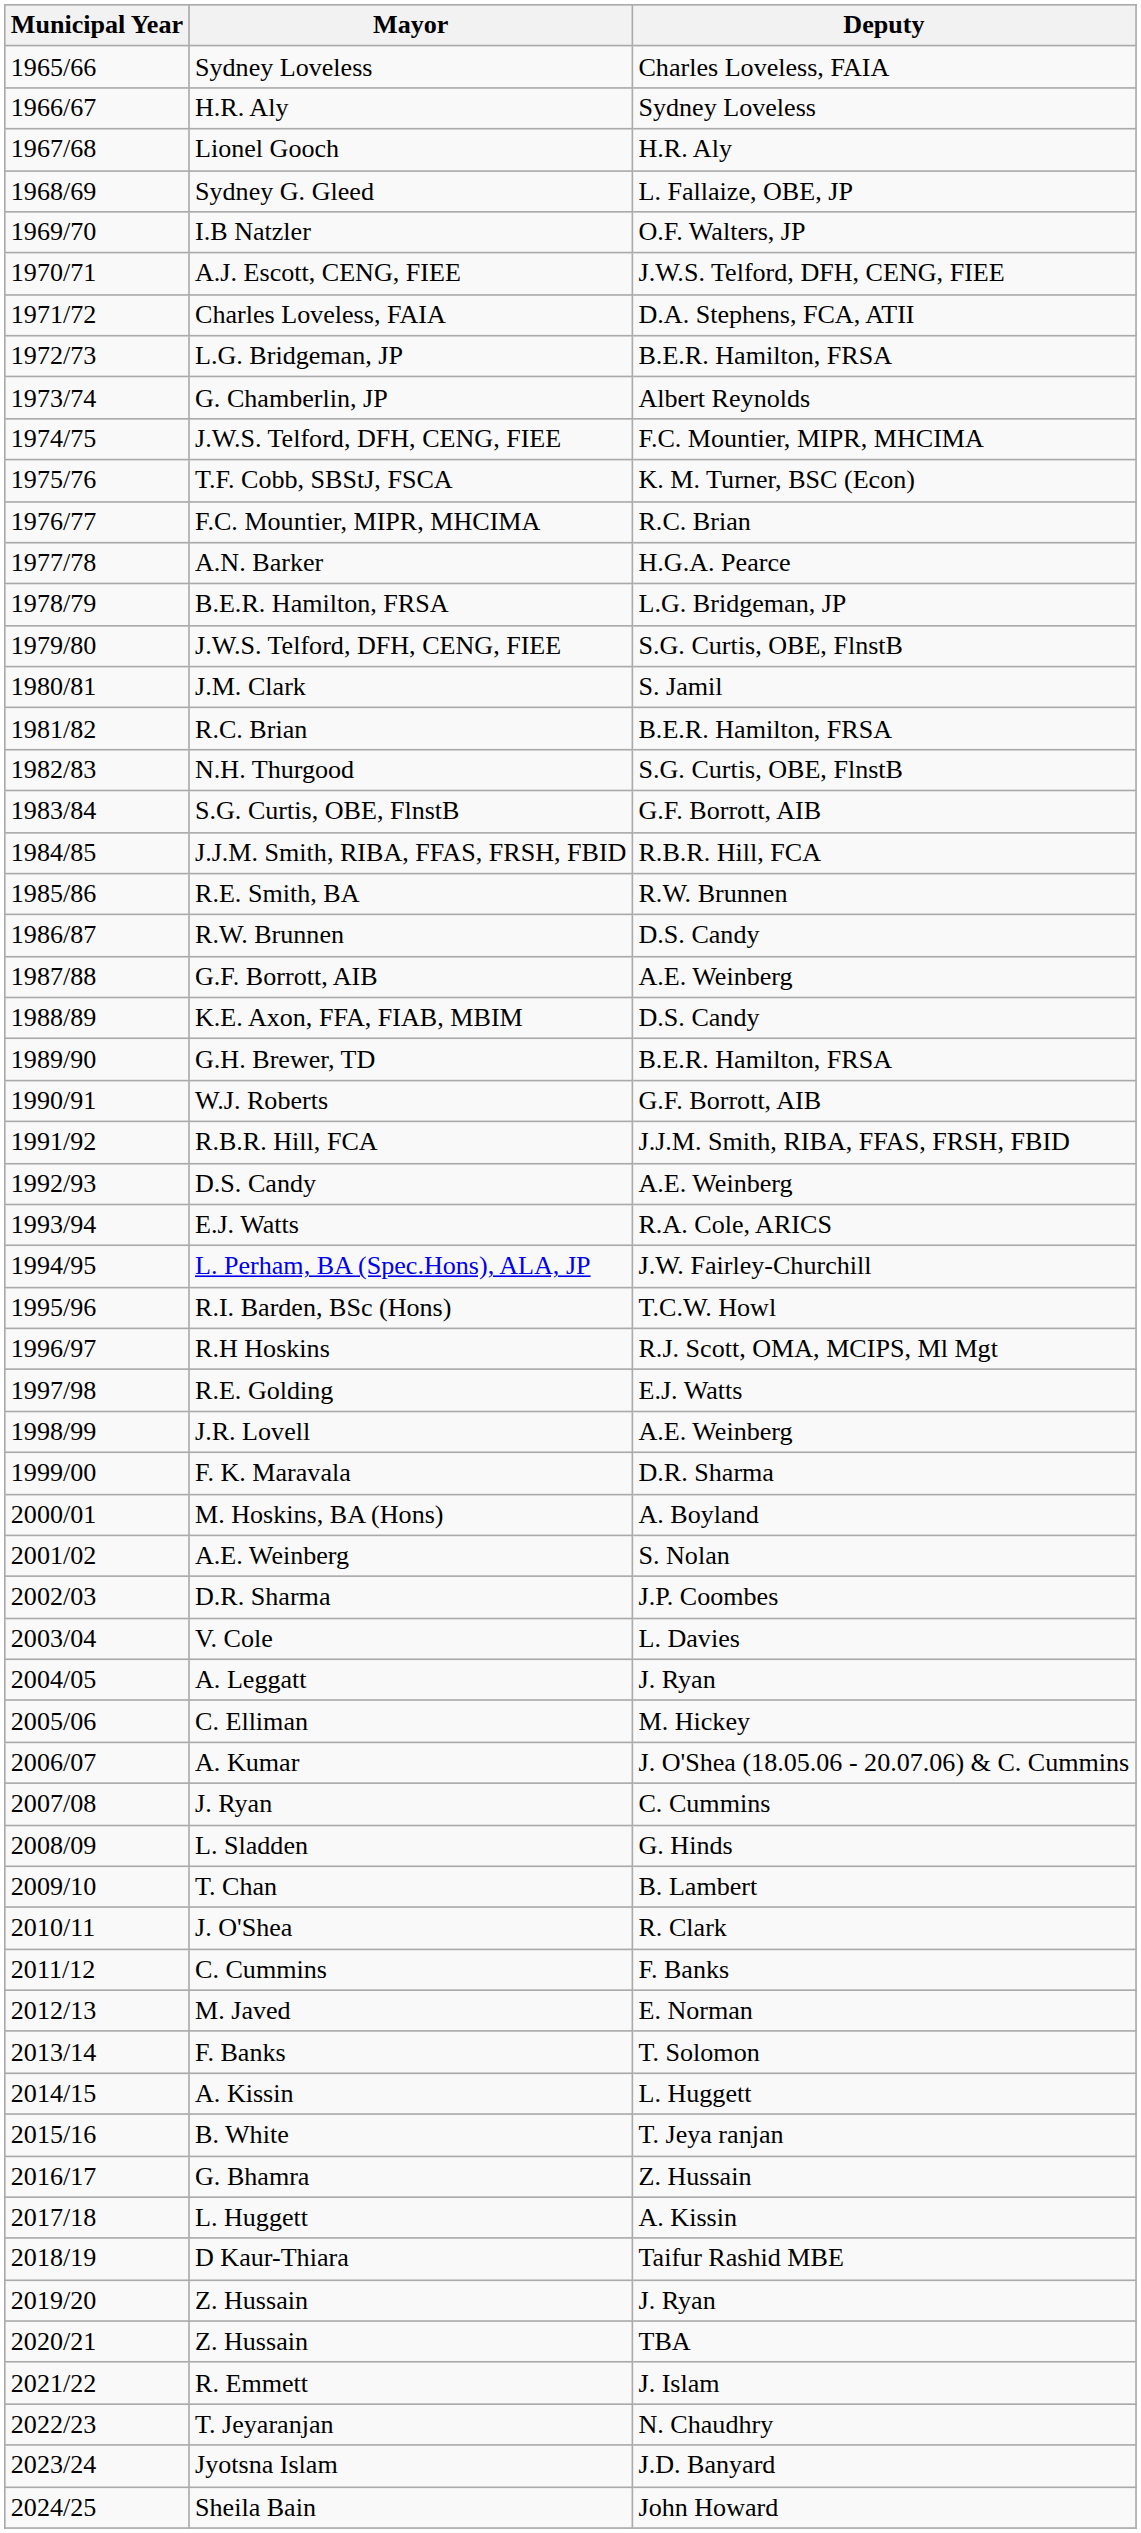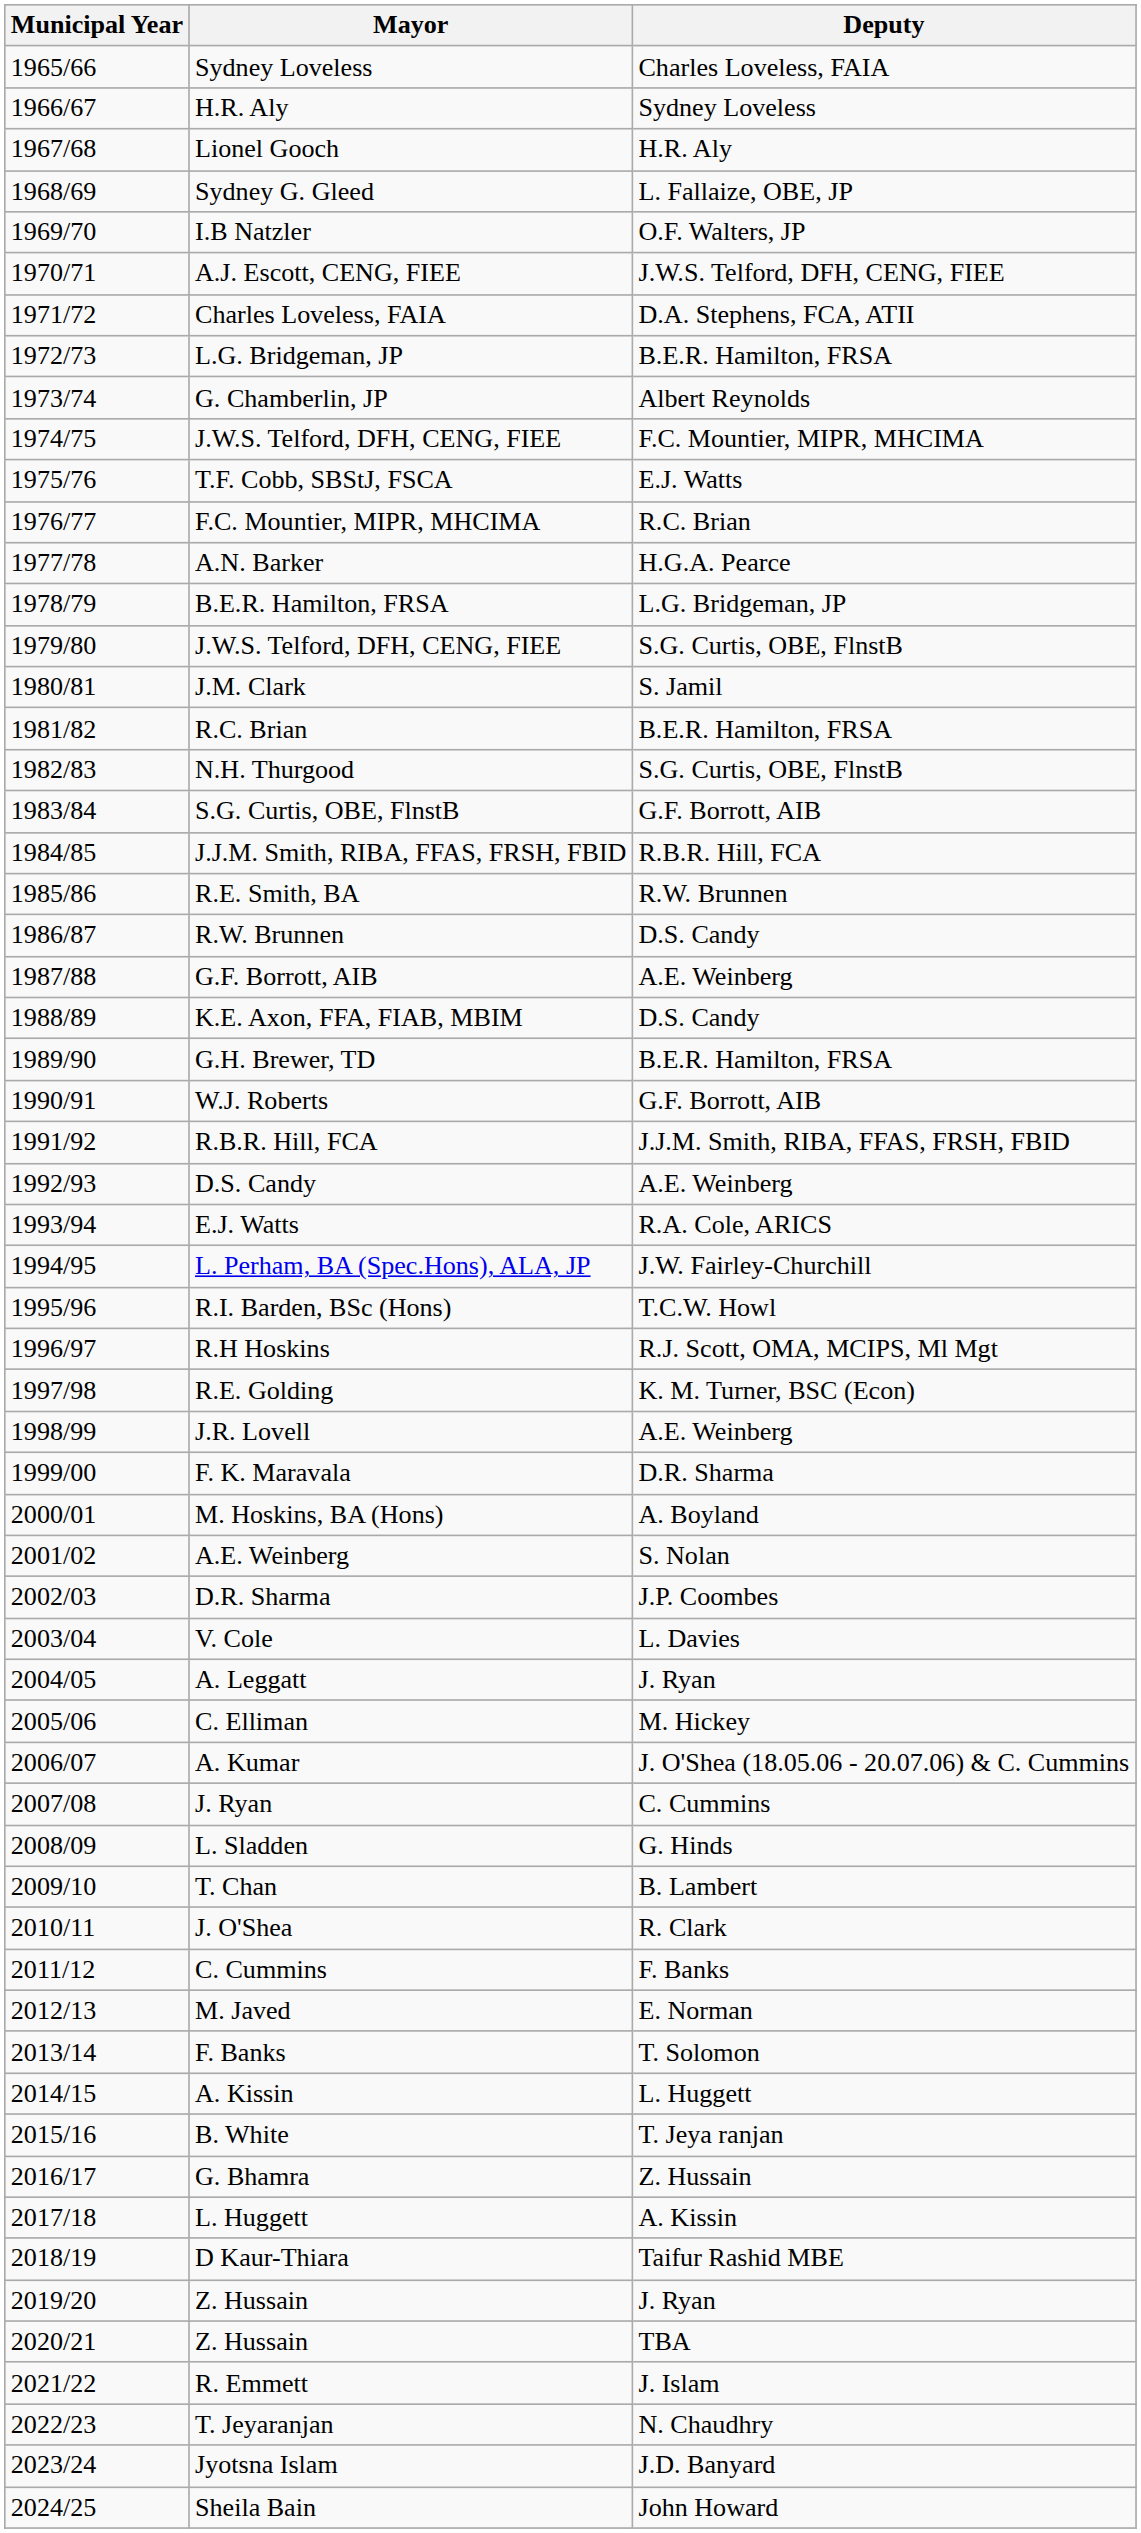 <table class="wikitable">
 <tr>
 <th>Municipal Year</th>
 <th>Mayor</th>
 <th>Deputy</th>
 </tr>
 <tr>
 <td>1965/66</td>
 <td>Sydney Loveless</td>
 <td>Charles Loveless, FAIA</td>
 </tr>
 <tr>
 <td>1966/67</td>
 <td>H.R. Aly</td>
 <td>Sydney Loveless</td>
 </tr>
 <tr>
 <td>1967/68</td>
 <td>Lionel Gooch</td>
 <td>H.R. Aly</td>
 </tr>
 <tr>
 <td>1968/69</td>
 <td>Sydney G. Gleed</td>
 <td>L. Fallaize, OBE, JP</td>
 </tr>
 <tr>
 <td>1969/70</td>
 <td>I.B Natzler</td>
 <td>O.F. Walters, JP</td>
 </tr>
 <tr>
 <td>1970/71</td>
 <td>A.J. Escott, CENG, FIEE</td>
 <td>J.W.S. Telford, DFH, CENG, FIEE</td>
 </tr>
 <tr>
 <td>1971/72</td>
 <td>Charles Loveless, FAIA</td>
 <td>D.A. Stephens, FCA, ATII</td>
 </tr>
 <tr>
 <td>1972/73</td>
 <td>L.G. Bridgeman, JP</td>
 <td>B.E.R. Hamilton, FRSA</td>
 </tr>
 <tr>
 <td>1973/74</td>
 <td>G. Chamberlin, JP</td>
 <td>Albert Reynolds</td>
 </tr>
 <tr>
 <td>1974/75</td>
 <td>J.W.S. Telford, DFH, CENG, FIEE</td>
 <td>F.C. Mountier, MIPR, MHCIMA</td>
 </tr>
 <tr>
 <td>1975/76</td>
 <td>T.F. Cobb, SBStJ, FSCA</td>
-<td>K. M. Turner, BSC (Econ)</td>
+<td>E.J. Watts</td>
 </tr>
 <tr>
 <td>1976/77</td>
 <td>F.C. Mountier, MIPR, MHCIMA</td>
 <td>R.C. Brian</td>
 </tr>
 <tr>
 <td>1977/78</td>
 <td>A.N. Barker</td>
 <td>H.G.A. Pearce</td>
 </tr>
 <tr>
 <td>1978/79</td>
 <td>B.E.R. Hamilton, FRSA</td>
 <td>L.G. Bridgeman, JP</td>
 </tr>
 <tr>
 <td>1979/80</td>
 <td>J.W.S. Telford, DFH, CENG, FIEE</td>
 <td>S.G. Curtis, OBE, FlnstB</td>
 </tr>
 <tr>
 <td>1980/81</td>
 <td>J.M. Clark</td>
 <td>S. Jamil</td>
 </tr>
 <tr>
 <td>1981/82</td>
 <td>R.C. Brian</td>
 <td>B.E.R. Hamilton, FRSA</td>
 </tr>
 <tr>
 <td>1982/83</td>
 <td>N.H. Thurgood</td>
 <td>S.G. Curtis, OBE, FlnstB</td>
 </tr>
 <tr>
 <td>1983/84</td>
 <td>S.G. Curtis, OBE, FlnstB</td>
 <td>G.F. Borrott, AIB</td>
 </tr>
 <tr>
 <td>1984/85</td>
 <td>J.J.M. Smith, RIBA, FFAS, FRSH, FBID</td>
 <td>R.B.R. Hill, FCA</td>
 </tr>
 <tr>
 <td>1985/86</td>
 <td>R.E. Smith, BA</td>
 <td>R.W. Brunnen</td>
 </tr>
 <tr>
 <td>1986/87</td>
 <td>R.W. Brunnen</td>
 <td>D.S. Candy</td>
 </tr>
 <tr>
 <td>1987/88</td>
 <td>G.F. Borrott, AIB</td>
 <td>A.E. Weinberg</td>
 </tr>
 <tr>
 <td>1988/89</td>
 <td>K.E. Axon, FFA, FIAB, MBIM</td>
 <td>D.S. Candy</td>
 </tr>
 <tr>
 <td>1989/90</td>
 <td>G.H. Brewer, TD</td>
 <td>B.E.R. Hamilton, FRSA</td>
 </tr>
 <tr>
 <td>1990/91</td>
 <td>W.J. Roberts</td>
 <td>G.F. Borrott, AIB</td>
 </tr>
 <tr>
 <td>1991/92</td>
 <td>R.B.R. Hill, FCA</td>
 <td>J.J.M. Smith, RIBA, FFAS, FRSH, FBID</td>
 </tr>
 <tr>
 <td>1992/93</td>
 <td>D.S. Candy</td>
 <td>A.E. Weinberg</td>
 </tr>
 <tr>
 <td>1993/94</td>
 <td>E.J. Watts</td>
 <td>R.A. Cole, ARICS</td>
 </tr>
 <tr>
 <td>1994/95</td>
 <td><a href='#'>L. Perham, BA (Spec.Hons), ALA, JP</a></td>
 <td>J.W. Fairley-Churchill</td>
 </tr>
 <tr>
 <td>1995/96</td>
 <td>R.I. Barden, BSc (Hons)</td>
 <td>T.C.W. Howl</td>
 </tr>
 <tr>
 <td>1996/97</td>
 <td>R.H Hoskins</td>
 <td>R.J. Scott, OMA, MCIPS, Ml Mgt</td>
 </tr>
 <tr>
 <td>1997/98</td>
 <td>R.E. Golding</td>
-<td>E.J. Watts</td>
+<td>K. M. Turner, BSC (Econ)</td>
 </tr>
 <tr>
 <td>1998/99</td>
 <td>J.R. Lovell</td>
 <td>A.E. Weinberg</td>
 </tr>
 <tr>
 <td>1999/00</td>
 <td>F. K. Maravala</td>
 <td>D.R. Sharma</td>
 </tr>
 <tr>
 <td>2000/01</td>
 <td>M. Hoskins, BA (Hons)</td>
 <td>A. Boyland</td>
 </tr>
 <tr>
 <td>2001/02</td>
 <td>A.E. Weinberg</td>
 <td>S. Nolan</td>
 </tr>
 <tr>
 <td>2002/03</td>
 <td>D.R. Sharma</td>
 <td>J.P. Coombes</td>
 </tr>
 <tr>
 <td>2003/04</td>
 <td>V. Cole</td>
 <td>L. Davies</td>
 </tr>
 <tr>
 <td>2004/05</td>
 <td>A. Leggatt</td>
 <td>J. Ryan</td>
 </tr>
 <tr>
 <td>2005/06</td>
 <td>C. Elliman</td>
 <td>M. Hickey</td>
 </tr>
 <tr>
 <td>2006/07</td>
 <td>A. Kumar</td>
 <td>J. O'Shea (18.05.06 - 20.07.06) & C. Cummins</td>
 </tr>
 <tr>
 <td>2007/08</td>
 <td>J. Ryan</td>
 <td>C. Cummins</td>
 </tr>
 <tr>
 <td>2008/09</td>
 <td>L. Sladden</td>
 <td>G. Hinds</td>
 </tr>
 <tr>
 <td>2009/10</td>
 <td>T. Chan</td>
 <td>B. Lambert</td>
 </tr>
 <tr>
 <td>2010/11</td>
 <td>J. O'Shea</td>
 <td>R. Clark</td>
 </tr>
 <tr>
 <td>2011/12</td>
 <td>C. Cummins</td>
 <td>F. Banks</td>
 </tr>
 <tr>
 <td>2012/13</td>
 <td>M. Javed</td>
 <td>E. Norman</td>
 </tr>
 <tr>
 <td>2013/14</td>
 <td>F. Banks</td>
 <td>T. Solomon</td>
 </tr>
 <tr>
 <td>2014/15</td>
 <td>A. Kissin</td>
 <td>L. Huggett</td>
 </tr>
 <tr>
 <td>2015/16</td>
 <td>B. White</td>
 <td>T. Jeya ranjan</td>
 </tr>
 <tr>
 <td>2016/17</td>
 <td>G. Bhamra</td>
 <td>Z. Hussain</td>
 </tr>
 <tr>
 <td>2017/18</td>
 <td>L. Huggett</td>
 <td>A. Kissin</td>
 </tr>
 <tr>
 <td>2018/19</td>
 <td>D Kaur-Thiara</td>
 <td>Taifur Rashid MBE</td>
 </tr>
 <tr>
 <td>2019/20</td>
 <td>Z. Hussain</td>
 <td>J. Ryan</td>
 </tr>
 <tr>
 <td>2020/21</td>
 <td>Z. Hussain</td>
 <td>TBA</td>
 </tr>
 <tr>
 <td>2021/22</td>
 <td>R. Emmett</td>
 <td>J. Islam</td>
 </tr>
 <tr>
 <td>2022/23</td>
 <td>T. Jeyaranjan</td>
 <td>N. Chaudhry</td>
 </tr>
 <tr>
 <td>2023/24</td>
 <td>Jyotsna Islam</td>
 <td>J.D. Banyard</td>
 </tr>
 <tr>
 <td>2024/25</td>
 <td>Sheila Bain</td>
 <td>John Howard</td>
 </tr>
 </table>
